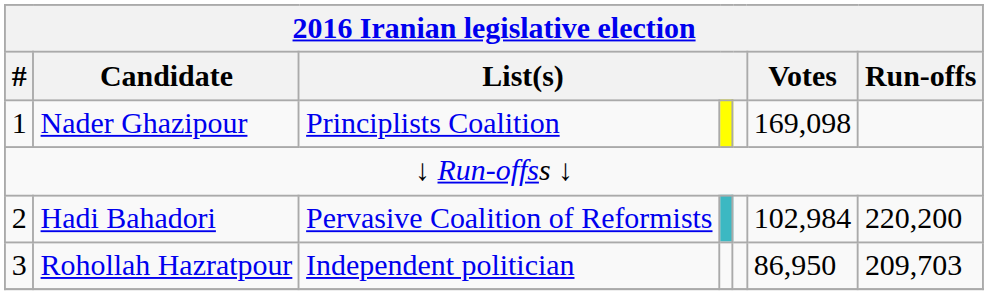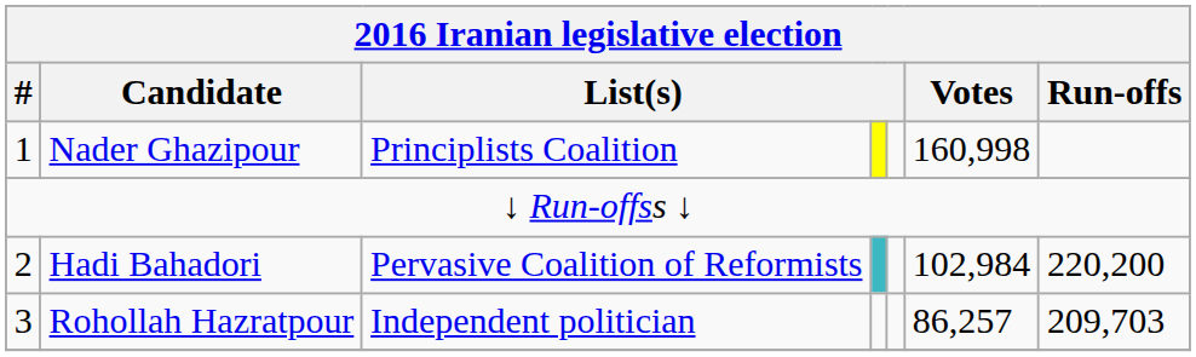 <table class=wikitable style=text-align:left>
 <tr>
 <th colspan="7" align=center><a href='#'>2016 Iranian legislative election</a></th>
 </tr>
 <tr>
 <th>#</th>
 <th>Candidate</th>
 <th colspan="3">List(s)</th>
 <th>Votes</th>
 <th>Run-offs</th>
 </tr>
 <tr>
 <td>1</td>
 <td><a href='#'>Nader Ghazipour</a></td>
 <td><a href='#'>Principlists Coalition</a></td>
 <td style="background:#FFFF00"></td>
 <td></td>
-<td>169,098</td>
+<td>160,998</td>
 <td></td>
 </tr>
 <tr>
 <td colspan="7" align=center>↓ <em><a href='#'>Run-offs</a>s</em> ↓</td>
 </tr>
 <tr>
 <td>2</td>
 <td><a href='#'>Hadi Bahadori</a></td>
 <td><a href='#'>Pervasive Coalition of Reformists</a></td>
 <td style="background:#3cb8c2"></td>
 <td></td>
 <td>102,984</td>
 <td>220,200</td>
 </tr>
 <tr>
 <td>3</td>
 <td><a href='#'>Rohollah Hazratpour</a></td>
 <td><a href='#'>Independent politician</a></td>
 <td></td>
 <td></td>
-<td>86,950</td>
+<td>86,257</td>
 <td>209,703</td>
 </tr>
 <tr>
 </tr>
 </table>
